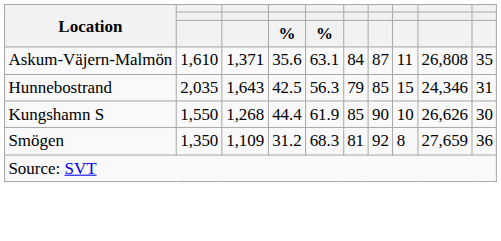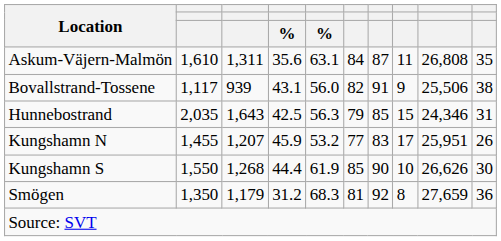 <table role="presentation" class="wikitable sortable mw-collapsible">
 <tr>
 <th rowspan="3">Location</th>
 <th></th>
 <th></th>
 <th></th>
 <th></th>
 <th></th>
 <th></th>
 <th></th>
 <th></th>
 <th></th>
 </tr>
 <tr>
 <th></th>
 <th></th>
 <th style="background:"></th>
 <th style="background:"></th>
 <th></th>
 <th></th>
 <th></th>
 <th></th>
 <th></th>
 </tr>
 <tr>
 <th data-sort-type="number"></th>
 <th data-sort-type="number"></th>
 <th data-sort-type="number">%</th>
 <th data-sort-type="number">%</th>
 <th data-sort-type="number"></th>
 <th data-sort-type="number"></th>
 <th data-sort-type="number"></th>
 <th data-sort-type="number"></th>
 <th data-sort-type="number"></th>
 </tr>
 <tr>
 <td align="left">Askum-Väjern-Malmön</td>
 <td>1,610</td>
-<td>1,371</td>
+<td>1,311</td>
 <td>35.6</td>
 <td>63.1</td>
 <td>84</td>
 <td>87</td>
 <td>11</td>
 <td>26,808</td>
 <td>35</td>
+</tr>
+<tr>
+<td align="left">Bovallstrand-Tossene</td>
+<td>1,117</td>
+<td>939</td>
+<td>43.1</td>
+<td>56.0</td>
+<td>82</td>
+<td>91</td>
+<td>9</td>
+<td>25,506</td>
+<td>38</td>
 </tr>
 <tr>
 <td align="left">Hunnebostrand</td>
 <td>2,035</td>
 <td>1,643</td>
 <td>42.5</td>
 <td>56.3</td>
 <td>79</td>
 <td>85</td>
 <td>15</td>
 <td>24,346</td>
 <td>31</td>
+</tr>
+<tr>
+<td align="left">Kungshamn N</td>
+<td>1,455</td>
+<td>1,207</td>
+<td>45.9</td>
+<td>53.2</td>
+<td>77</td>
+<td>83</td>
+<td>17</td>
+<td>25,951</td>
+<td>26</td>
 </tr>
 <tr>
 <td align="left">Kungshamn S</td>
 <td>1,550</td>
 <td>1,268</td>
 <td>44.4</td>
 <td>61.9</td>
 <td>85</td>
 <td>90</td>
 <td>10</td>
 <td>26,626</td>
 <td>30</td>
 </tr>
 <tr>
 <td align="left">Smögen</td>
 <td>1,350</td>
-<td>1,109</td>
+<td>1,179</td>
 <td>31.2</td>
 <td>68.3</td>
 <td>81</td>
 <td>92</td>
 <td>8</td>
 <td>27,659</td>
 <td>36</td>
 </tr>
 <tr>
 <td colspan="10" align="left">Source: <a href='#'>SVT</a></td>
 </tr>
 </table>
